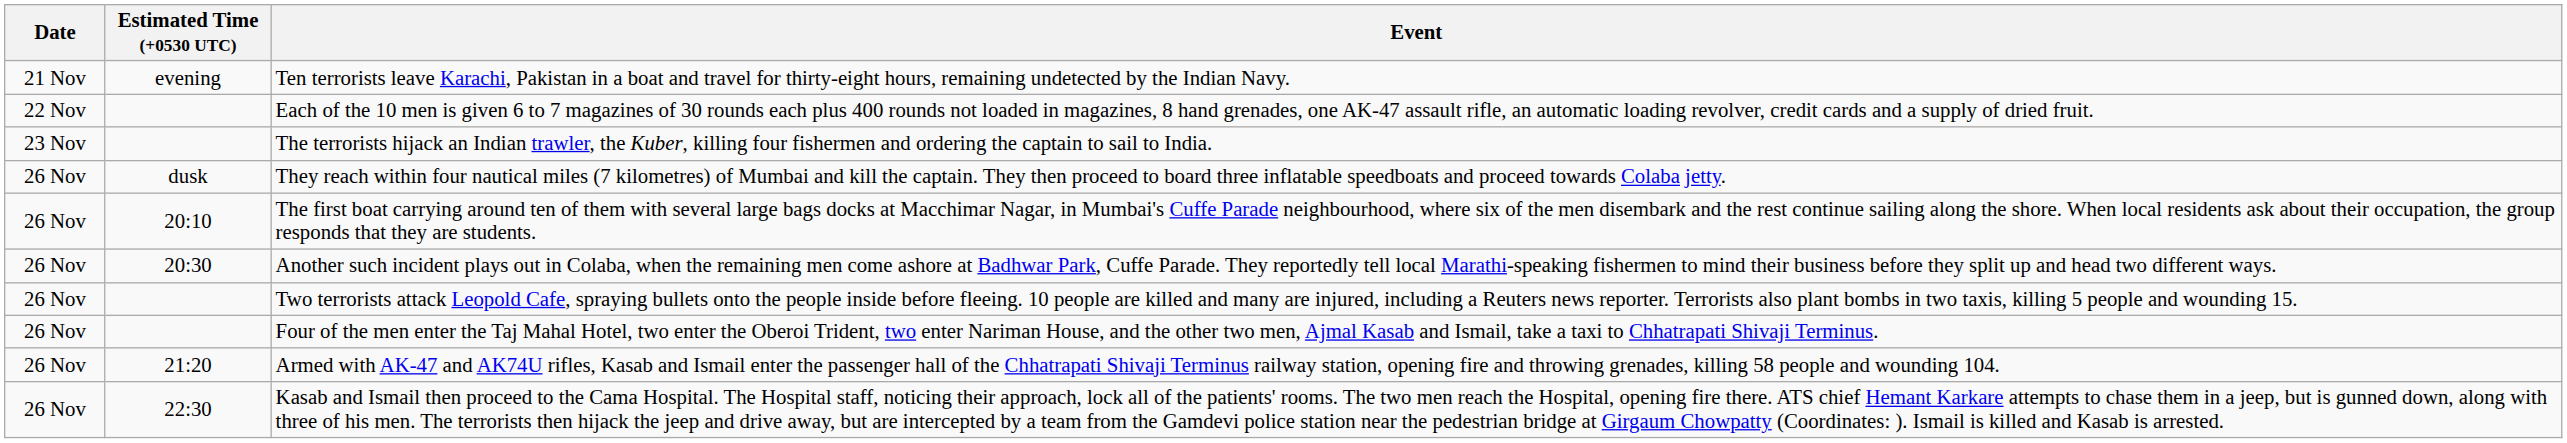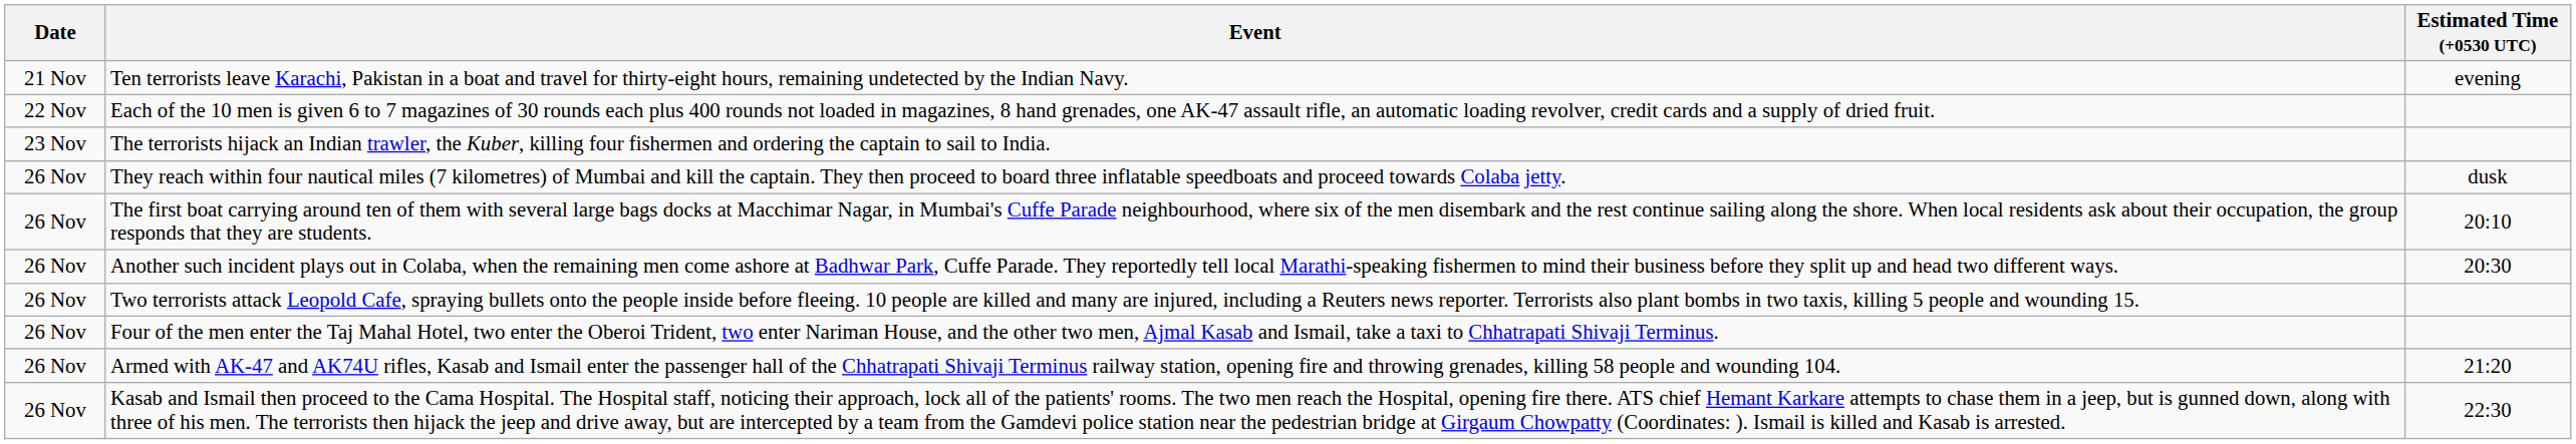 <table class="wikitable" border="1">
 <tr>
 <th style="width: 70px;">Date</th>
+<th>Event</th>
 <th style="width: 120px;">Estimated Time<br><small>(+0530 UTC)</small></th>
-<th>Event</th>
 </tr>
 <tr>
 <td style="text-align: center;">21 Nov</td>
+<td>Ten terrorists leave <a href='#'>Karachi</a>, Pakistan in a boat and travel for thirty-eight hours, remaining undetected by the Indian Navy.</td>
 <td style="text-align: center;">evening</td>
-<td>Ten terrorists leave <a href='#'>Karachi</a>, Pakistan in a boat and travel for thirty-eight hours, remaining undetected by the Indian Navy.</td>
 </tr>
 <tr>
 <td style="text-align: center;">22 Nov</td>
+<td>Each of the 10 men is given 6 to 7 magazines of 30 rounds each plus 400 rounds not loaded in magazines, 8 hand grenades, one AK-47 assault rifle, an automatic loading revolver, credit cards and a supply of dried fruit.</td>
 <td></td>
-<td>Each of the 10 men is given 6 to 7 magazines of 30 rounds each plus 400 rounds not loaded in magazines, 8 hand grenades, one AK-47 assault rifle, an automatic loading revolver, credit cards and a supply of dried fruit.</td>
 </tr>
 <tr>
 <td style="text-align: center;">23 Nov</td>
+<td>The terrorists hijack an Indian <a href='#'>trawler</a>, the <em>Kuber</em>, killing four fishermen and ordering the captain to sail to India.</td>
 <td></td>
-<td>The terrorists hijack an Indian <a href='#'>trawler</a>, the <em>Kuber</em>, killing four fishermen and ordering the captain to sail to India.</td>
 </tr>
 <tr>
 <td style="text-align: center;">26 Nov</td>
+<td>They reach within four nautical miles (7 kilometres) of Mumbai and kill the captain. They then proceed to board three inflatable speedboats and proceed towards <a href='#'>Colaba</a> <a href='#'>jetty</a>.</td>
 <td style="text-align: center;">dusk</td>
-<td>They reach within four nautical miles (7 kilometres) of Mumbai and kill the captain. They then proceed to board three inflatable speedboats and proceed towards <a href='#'>Colaba</a> <a href='#'>jetty</a>.</td>
 </tr>
 <tr>
 <td style="text-align: center;">26 Nov</td>
+<td>The first boat carrying around ten of them with several large bags docks at Macchimar Nagar, in Mumbai's <a href='#'>Cuffe Parade</a> neighbourhood, where six of the men disembark and the rest continue sailing along the shore. When local residents ask about their occupation, the group responds that they are students.</td>
 <td style="text-align: center;">20:10</td>
-<td>The first boat carrying around ten of them with several large bags docks at Macchimar Nagar, in Mumbai's <a href='#'>Cuffe Parade</a> neighbourhood, where six of the men disembark and the rest continue sailing along the shore. When local residents ask about their occupation, the group responds that they are students.</td>
 </tr>
 <tr>
 <td style="text-align: center;">26 Nov</td>
+<td>Another such incident plays out in Colaba, when the remaining men come ashore at <a href='#'>Badhwar Park</a>, Cuffe Parade. They reportedly tell local <a href='#'>Marathi</a>-speaking fishermen to mind their business before they split up and head two different ways.</td>
 <td style="text-align: center;">20:30</td>
-<td>Another such incident plays out in Colaba, when the remaining men come ashore at <a href='#'>Badhwar Park</a>, Cuffe Parade. They reportedly tell local <a href='#'>Marathi</a>-speaking fishermen to mind their business before they split up and head two different ways.</td>
 </tr>
 <tr>
 <td style="text-align: center;">26 Nov</td>
+<td>Two terrorists attack <a href='#'>Leopold Cafe</a>, spraying bullets onto the people inside before fleeing. 10 people are killed and many are injured, including a Reuters news reporter. Terrorists also plant bombs in two taxis, killing 5 people and wounding 15.</td>
 <td></td>
-<td>Two terrorists attack <a href='#'>Leopold Cafe</a>, spraying bullets onto the people inside before fleeing. 10 people are killed and many are injured, including a Reuters news reporter. Terrorists also plant bombs in two taxis, killing 5 people and wounding 15.</td>
 </tr>
 <tr>
 <td style="text-align: center;">26 Nov</td>
+<td>Four of the men enter the Taj Mahal Hotel, two enter the Oberoi Trident, <a href='#'>two</a> enter Nariman House, and the other two men, <a href='#'>Ajmal Kasab</a> and Ismail, take a taxi to <a href='#'>Chhatrapati Shivaji Terminus</a>.</td>
 <td></td>
-<td>Four of the men enter the Taj Mahal Hotel, two enter the Oberoi Trident, <a href='#'>two</a> enter Nariman House, and the other two men, <a href='#'>Ajmal Kasab</a> and Ismail, take a taxi to <a href='#'>Chhatrapati Shivaji Terminus</a>.</td>
 </tr>
 <tr>
 <td style="text-align: center;">26 Nov</td>
+<td>Armed with <a href='#'>AK-47</a> and <a href='#'>AK74U</a> rifles, Kasab and Ismail enter the passenger hall of the <a href='#'>Chhatrapati Shivaji Terminus</a> railway station, opening fire and throwing grenades, killing 58 people and wounding 104.</td>
 <td style="text-align: center;">21:20</td>
-<td>Armed with <a href='#'>AK-47</a> and <a href='#'>AK74U</a> rifles, Kasab and Ismail enter the passenger hall of the <a href='#'>Chhatrapati Shivaji Terminus</a> railway station, opening fire and throwing grenades, killing 58 people and wounding 104.</td>
 </tr>
 <tr>
 <td style="text-align: center;">26 Nov</td>
+<td>Kasab and Ismail then proceed to the Cama Hospital. The Hospital staff, noticing their approach, lock all of the patients' rooms. The two men reach the Hospital, opening fire there.  ATS chief <a href='#'>Hemant Karkare</a> attempts to chase them in a jeep, but is gunned down, along with three of his men. The terrorists then hijack the jeep and drive away, but are intercepted by a team from the Gamdevi police station near the pedestrian bridge at <a href='#'>Girgaum Chowpatty</a> (Coordinates: ). Ismail is killed and Kasab is arrested.</td>
 <td style="text-align: center;">22:30</td>
-<td>Kasab and Ismail then proceed to the Cama Hospital. The Hospital staff, noticing their approach, lock all of the patients' rooms. The two men reach the Hospital, opening fire there.  ATS chief <a href='#'>Hemant Karkare</a> attempts to chase them in a jeep, but is gunned down, along with three of his men. The terrorists then hijack the jeep and drive away, but are intercepted by a team from the Gamdevi police station near the pedestrian bridge at <a href='#'>Girgaum Chowpatty</a> (Coordinates: ). Ismail is killed and Kasab is arrested.</td>
 </tr>
 </table>
